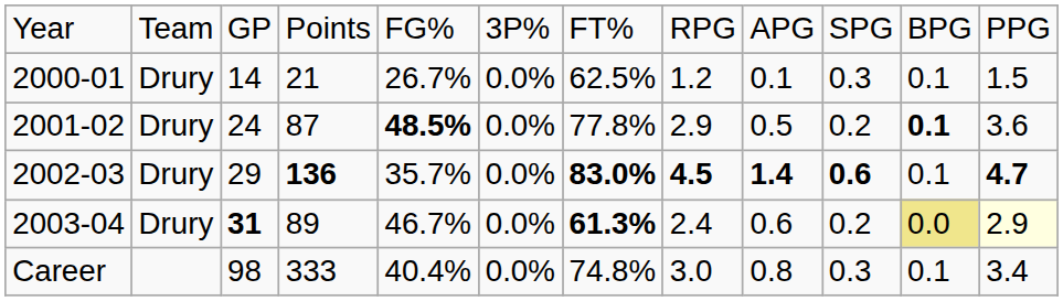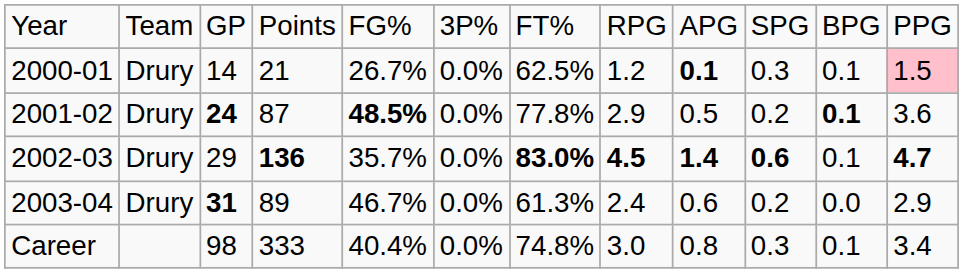 <table class="wikitable">
 <tr>
 <td>Year</td>
 <td>Team</td>
 <td>GP</td>
 <td>Points</td>
 <td>FG%</td>
 <td>3P%</td>
 <td>FT%</td>
 <td>RPG</td>
 <td>APG</td>
 <td>SPG</td>
 <td>BPG</td>
 <td>PPG</td>
 </tr>
 <tr>
 <td>2000-01</td>
 <td>Drury</td>
 <td>14</td>
 <td>21</td>
 <td>26.7%</td>
 <td>0.0%</td>
 <td>62.5%</td>
 <td>1.2</td>
-<td>0.1</td>
+<td><strong>0.1</strong></td>
 <td>0.3</td>
 <td>0.1</td>
-<td>1.5</td>
+<td style="background: pink;">1.5</td>
 </tr>
 <tr>
 <td>2001-02</td>
 <td>Drury</td>
-<td>24</td>
+<td><strong>24</strong></td>
 <td>87</td>
 <td><strong>48.5%</strong></td>
 <td>0.0%</td>
 <td>77.8%</td>
 <td>2.9</td>
 <td>0.5</td>
 <td>0.2</td>
 <td><strong>0.1</strong></td>
 <td>3.6</td>
 </tr>
 <tr>
 <td>2002-03</td>
 <td>Drury</td>
 <td>29</td>
 <td><strong>136</strong></td>
 <td>35.7%</td>
 <td>0.0%</td>
 <td><strong>83.0%</strong></td>
 <td><strong>4.5</strong></td>
 <td><strong>1.4</strong></td>
 <td><strong>0.6</strong></td>
 <td>0.1</td>
 <td><strong>4.7</strong></td>
 </tr>
 <tr>
 <td>2003-04</td>
 <td>Drury</td>
 <td><strong>31</strong></td>
 <td>89</td>
 <td>46.7%</td>
 <td>0.0%</td>
-<td><strong>61.3%</strong></td>
+<td>61.3%</td>
 <td>2.4</td>
 <td>0.6</td>
 <td>0.2</td>
-<td style="background: khaki;">0.0</td>
-<td style="background: lightyellow;">2.9</td>
+<td>0.0</td>
+<td>2.9</td>
 </tr>
 <tr>
 <td>Career</td>
 <td></td>
 <td>98</td>
 <td>333</td>
 <td>40.4%</td>
 <td>0.0%</td>
 <td>74.8%</td>
 <td>3.0</td>
 <td>0.8</td>
 <td>0.3</td>
 <td>0.1</td>
 <td>3.4</td>
 </tr>
 </table>
